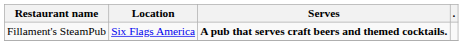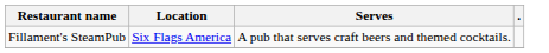 <table class="wikitable sortable">
 <tr>
 <th>Restaurant name</th>
 <th>Location</th>
 <th>Serves</th>
 <th>.</th>
 </tr>
 <tr>
 <td>Fillament's SteamPub</td>
 <td><a href='#'>Six Flags America</a></td>
-<td><strong>A pub that serves craft beers and themed cocktails.</strong></td>
+<td>A pub that serves craft beers and themed cocktails.</td>
 <td></td>
 </tr>
 <tr>
 </tr>
 </table>
